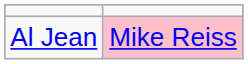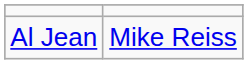 <table class="wikitable" style="text-align:left; float:right; margin-right:9px; margin-left:2px;">
 <tr>
 <td style="text-align:left;"></td>
 <td style="text-align:left;"></td>
 </tr>
 <tr>
 <td style="text-align:center;"><a href='#'>Al Jean</a></td>
-<td style="background: pink; text-align:center;"><a href='#'>Mike Reiss</a></td>
+<td style="text-align:center;"><a href='#'>Mike Reiss</a></td>
 </tr>
 </table>
